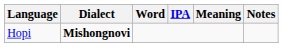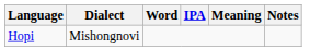 <table class="wikitable">
 <tr>
 <th>Language</th>
 <th>Dialect</th>
 <th>Word</th>
 <th><a href='#'>IPA</a></th>
 <th>Meaning</th>
 <th>Notes</th>
 </tr>
 <tr>
 <td><a href='#'>Hopi</a></td>
-<td><strong>Mishongnovi</strong></td>
+<td>Mishongnovi</td>
 <td colspan="3"></td>
 <td></td>
 </tr>
 </table>
